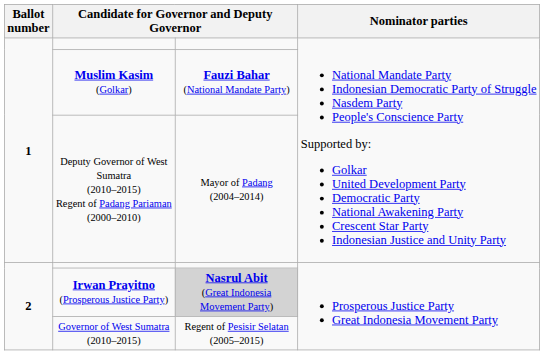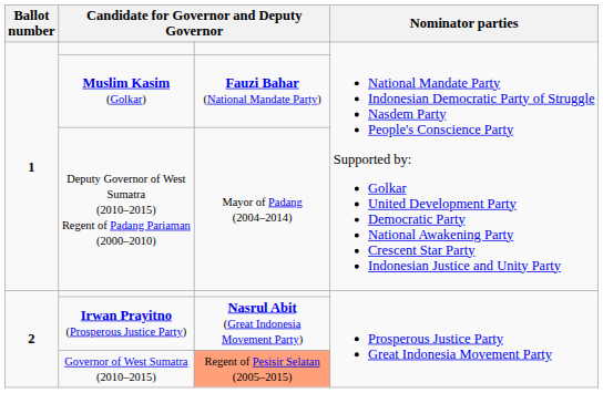 <table class="wikitable">
 <tr>
 <th>Ballot<br>number</th>
 <th colspan="2">Candidate for Governor and Deputy Governor</th>
 <th>Nominator parties</th>
 </tr>
 <tr>
 <td rowspan="3" style="text-align:center"><strong>1</strong></td>
 <td></td>
 <td></td>
 <td rowspan="3"><br><ul><li><a href='#'>National Mandate Party</a></li><li><a href='#'>Indonesian Democratic Party of Struggle</a></li><li><a href='#'>Nasdem Party</a></li><li><a href='#'>People's Conscience Party</a></li></ul><div>Supported by:<ul><li><a href='#'>Golkar</a></li><li><a href='#'>United Development Party</a></li><li><a href='#'>Democratic Party</a></li><li><a href='#'>National Awakening Party</a></li><li><a href='#'>Crescent Star Party</a></li><li><a href='#'>Indonesian Justice and Unity Party</a></div></li></ul></td>
 </tr>
 <tr>
 <td width=150 style="text-align:center"><strong><a href='#'>Muslim Kasim</a></strong> <br><small>(<a href='#'>Golkar</a>)</small></td>
 <td width=150 style="text-align:center"><strong><a href='#'>Fauzi Bahar</a></strong> <br><small>(<a href='#'>National Mandate Party</a>)</small></td>
 </tr>
 <tr>
 <td style="text-align:center"><small>Deputy Governor of West Sumatra<br>(2010–2015)<br>Regent of <a href='#'>Padang Pariaman</a><br>(2000–2010)</small></td>
 <td style="text-align:center"><small>Mayor of <a href='#'>Padang</a><br>(2004–2014)</small></td>
 </tr>
 <tr>
 <td rowspan="3" style="text-align:center"><strong>2</strong></td>
 <td></td>
 <td></td>
 <td rowspan="3"><br><ul><li><a href='#'>Prosperous Justice Party</a></li><li><a href='#'>Great Indonesia Movement Party</a></li></ul></td>
 </tr>
 <tr>
 <td width=150 style="text-align:center"><strong><a href='#'>Irwan Prayitno</a></strong> <small>(<a href='#'>Prosperous Justice Party</a>)</small></td>
-<td width=150 style="background: lightgrey; text-align:center"><strong><a href='#'>Nasrul Abit</a></strong> <br><small>(<a href='#'>Great Indonesia Movement Party</a>)</small></td>
+<td width=150 style="text-align:center"><strong><a href='#'>Nasrul Abit</a></strong> <br><small>(<a href='#'>Great Indonesia Movement Party</a>)</small></td>
 </tr>
 <tr>
 <td style="text-align:center"><small><a href='#'>Governor of West Sumatra</a><br>(2010–2015)</small></td>
-<td style="text-align:center"><small>Regent of <a href='#'>Pesisir Selatan</a><br>(2005–2015)</small></td>
+<td style="background: lightsalmon; text-align:center"><small>Regent of <a href='#'>Pesisir Selatan</a><br>(2005–2015)</small></td>
 </tr>
 </table>
